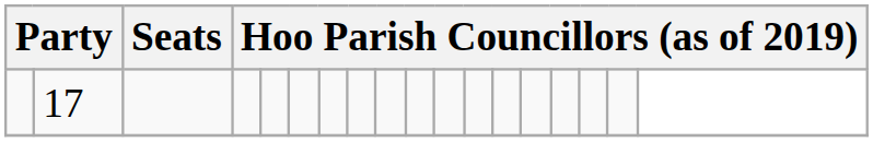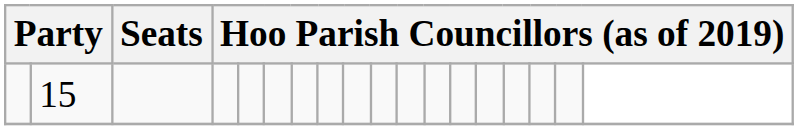 <table class="wikitable">
 <tr>
 <th colspan="2"  style="text-align:center; vertical-align:top;"><strong>Party</strong></th>
 <th valign="top"><strong>Seats</strong></th>
 <th colspan="26">Hoo Parish Councillors (as of 2019)</th>
 </tr>
 <tr>
 <td></td>
-<td>17</td>
+<td>15</td>
 <td rowspan="1" style="width: 4px" bgcolor=> </td>
 <td rowspan="1" style="width: 4px" bgcolor=> </td>
 <td rowspan="1" style="width: 4px" bgcolor=> </td>
 <td rowspan="1" style="width: 4px" bgcolor=> </td>
 <td rowspan="1" style="width: 4px" bgcolor=> </td>
 <td rowspan="1" style="width: 4px" bgcolor=> </td>
 <td rowspan="1" style="width: 4px" bgcolor=> </td>
 <td rowspan="1" style="width: 4px" bgcolor=> </td>
 <td rowspan="1" style="width: 4px" bgcolor=> </td>
 <td rowspan="1" style="width: 4px" bgcolor=> </td>
 <td rowspan="1" style="width: 4px" bgcolor=> </td>
 <td rowspan="1" style="width: 4px" bgcolor=> </td>
 <td rowspan="1" style="width: 4px" bgcolor=> </td>
 <td rowspan="1" style="width: 4px" bgcolor=> </td>
 <td rowspan="1" style="width: 4px" bgcolor=> </td>
 <td colspan="24"  style="width:4px; background:#fff;"> </td>
 </tr>
 <tr>
 </tr>
 </table>
